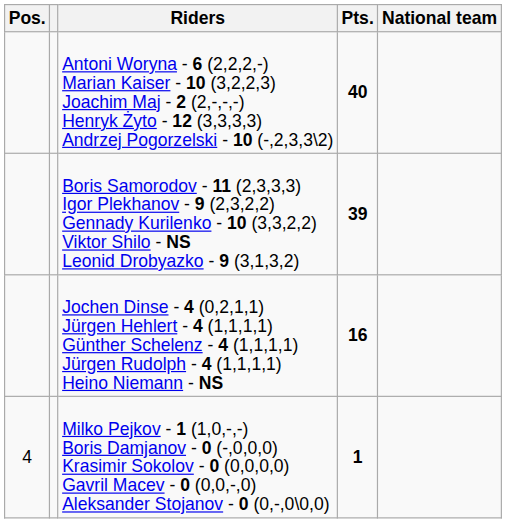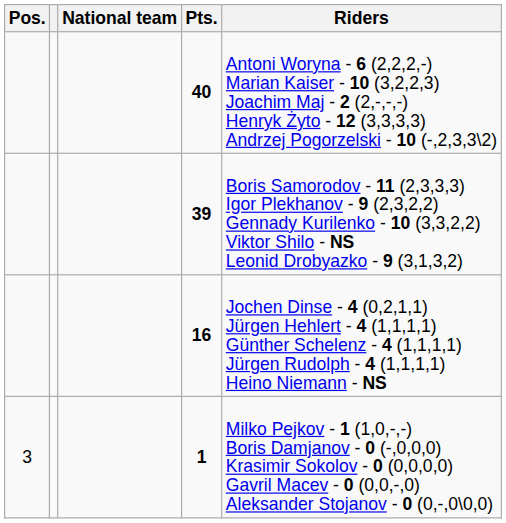 <table class=wikitable style="font-size:93%;">
 <tr>
 <th>Pos.</th>
 <th></th>
+<th>National team</th>
+<th>Pts.</th>
 <th>Riders</th>
-<th>Pts.</th>
-<th>National team</th>
 </tr>
 <tr align=center >
 <td></td>
 <td></td>
+<td align=left></td>
+<td><strong>40</strong></td>
 <td align=left><br><a href='#'>Antoni Woryna</a> - <strong>6</strong> (2,2,2,-)<br> <a href='#'>Marian Kaiser</a> - <strong>10</strong> (3,2,2,3)<br> <a href='#'>Joachim Maj</a> - <strong>2</strong> (2,-,-,-)<br> <a href='#'>Henryk Żyto</a> - <strong>12</strong> (3,3,3,3)<br> <a href='#'>Andrzej Pogorzelski</a> - <strong>10</strong> (-,2,3,3\2) <br></td>
-<td><strong>40</strong></td>
-<td align=left></td>
 </tr>
 <tr align=center >
 <td></td>
 <td></td>
+<td align=left></td>
+<td><strong>39</strong></td>
 <td align=left><br><a href='#'>Boris Samorodov</a> - <strong>11</strong> (2,3,3,3)<br> <a href='#'>Igor Plekhanov</a> - <strong>9</strong> (2,3,2,2)<br> <a href='#'>Gennady Kurilenko</a> - <strong>10</strong> (3,3,2,2)<br> <a href='#'>Viktor Shilo</a> - <strong>NS</strong> <br> <a href='#'>Leonid Drobyazko</a> - <strong>9</strong> (3,1,3,2) <br></td>
-<td><strong>39</strong></td>
-<td align=left></td>
 </tr>
 <tr align=center >
 <td></td>
 <td></td>
+<td align=left></td>
+<td><strong>16</strong></td>
 <td align=left><br><a href='#'>Jochen Dinse</a> - <strong>4</strong> (0,2,1,1)<br> <a href='#'>Jürgen Hehlert</a> - <strong>4</strong> (1,1,1,1)<br> <a href='#'>Günther Schelenz</a> - <strong>4</strong> (1,1,1,1)<br> <a href='#'>Jürgen Rudolph</a> - <strong>4</strong> (1,1,1,1)<br> <a href='#'>Heino Niemann</a> - <strong>NS</strong></td>
-<td><strong>16</strong></td>
-<td align=left></td>
 </tr>
 <tr align=center>
-<td>4</td>
+<td>3</td>
 <td></td>
+<td align=left></td>
+<td><strong>1</strong></td>
 <td align=left><br><a href='#'>Milko Pejkov</a> - <strong>1</strong> (1,0,-,-)<br> <a href='#'>Boris Damjanov</a> - <strong>0</strong> (-,0,0,0)<br> <a href='#'>Krasimir Sokolov</a> - <strong>0</strong> (0,0,0,0)<br> <a href='#'>Gavril Macev</a> - <strong>0</strong> (0,0,-,0)<br> <a href='#'>Aleksander Stojanov</a> - <strong>0</strong> (0,-,0\0,0)</td>
-<td><strong>1</strong></td>
-<td align=left></td>
 </tr>
 </table>
